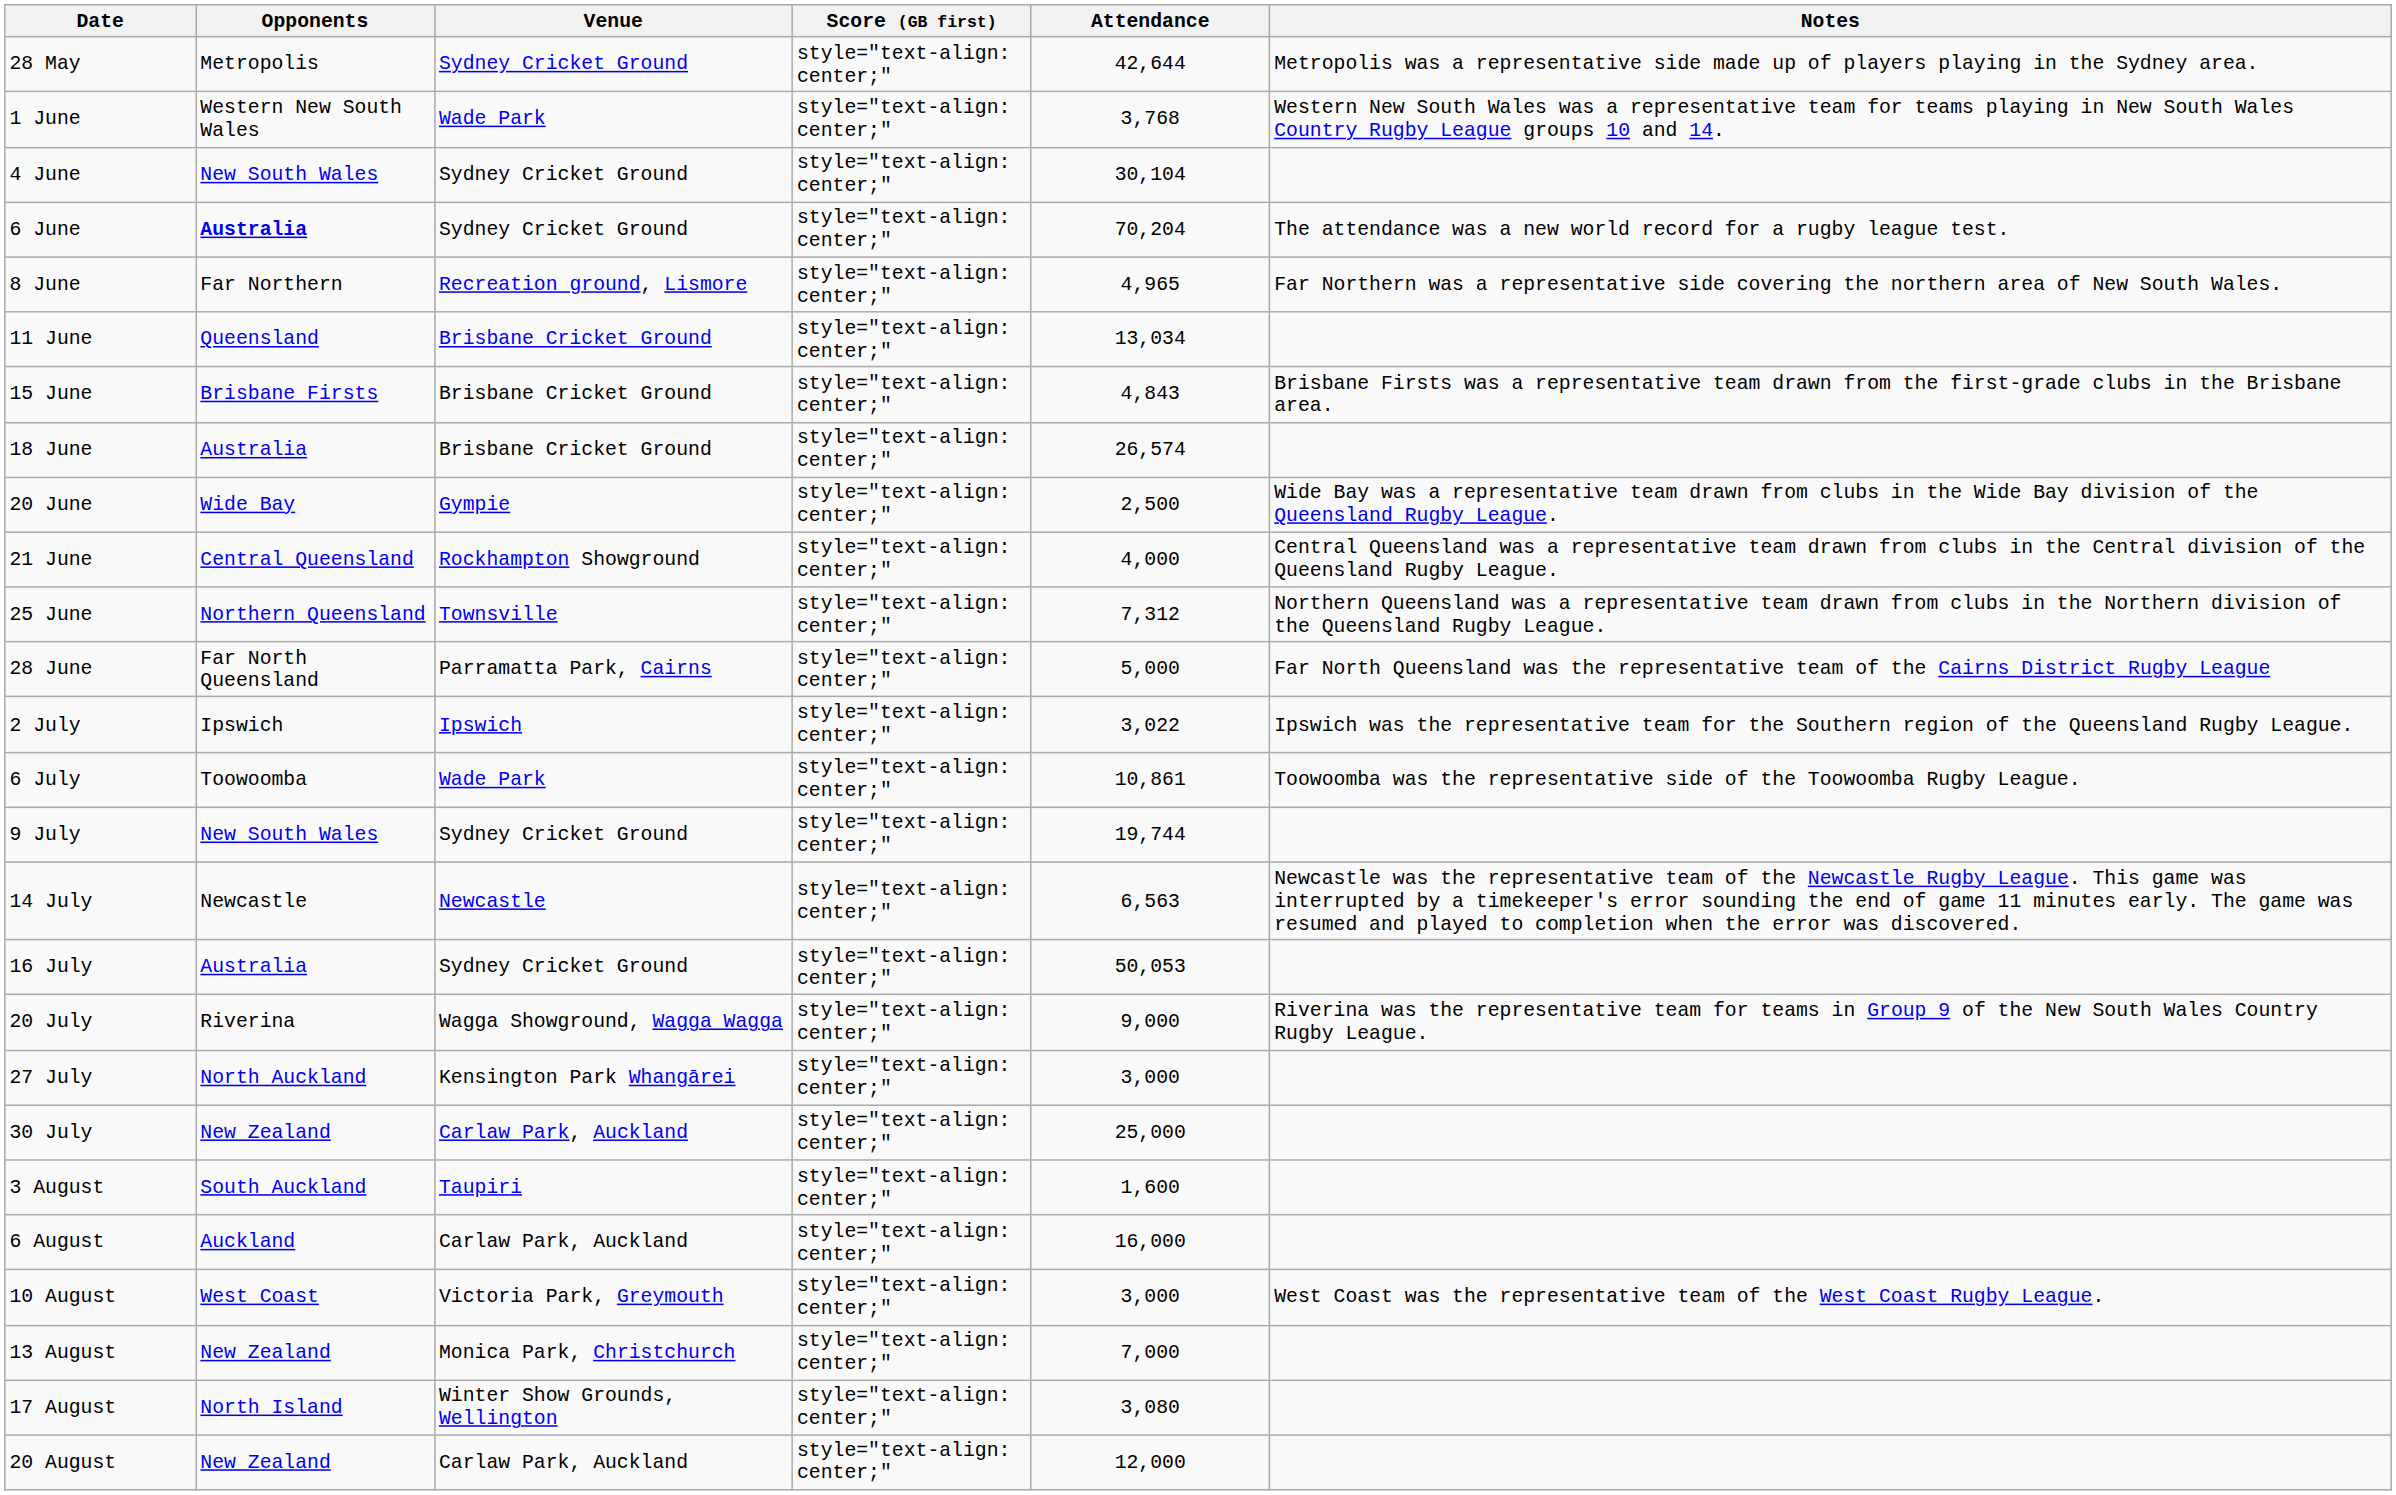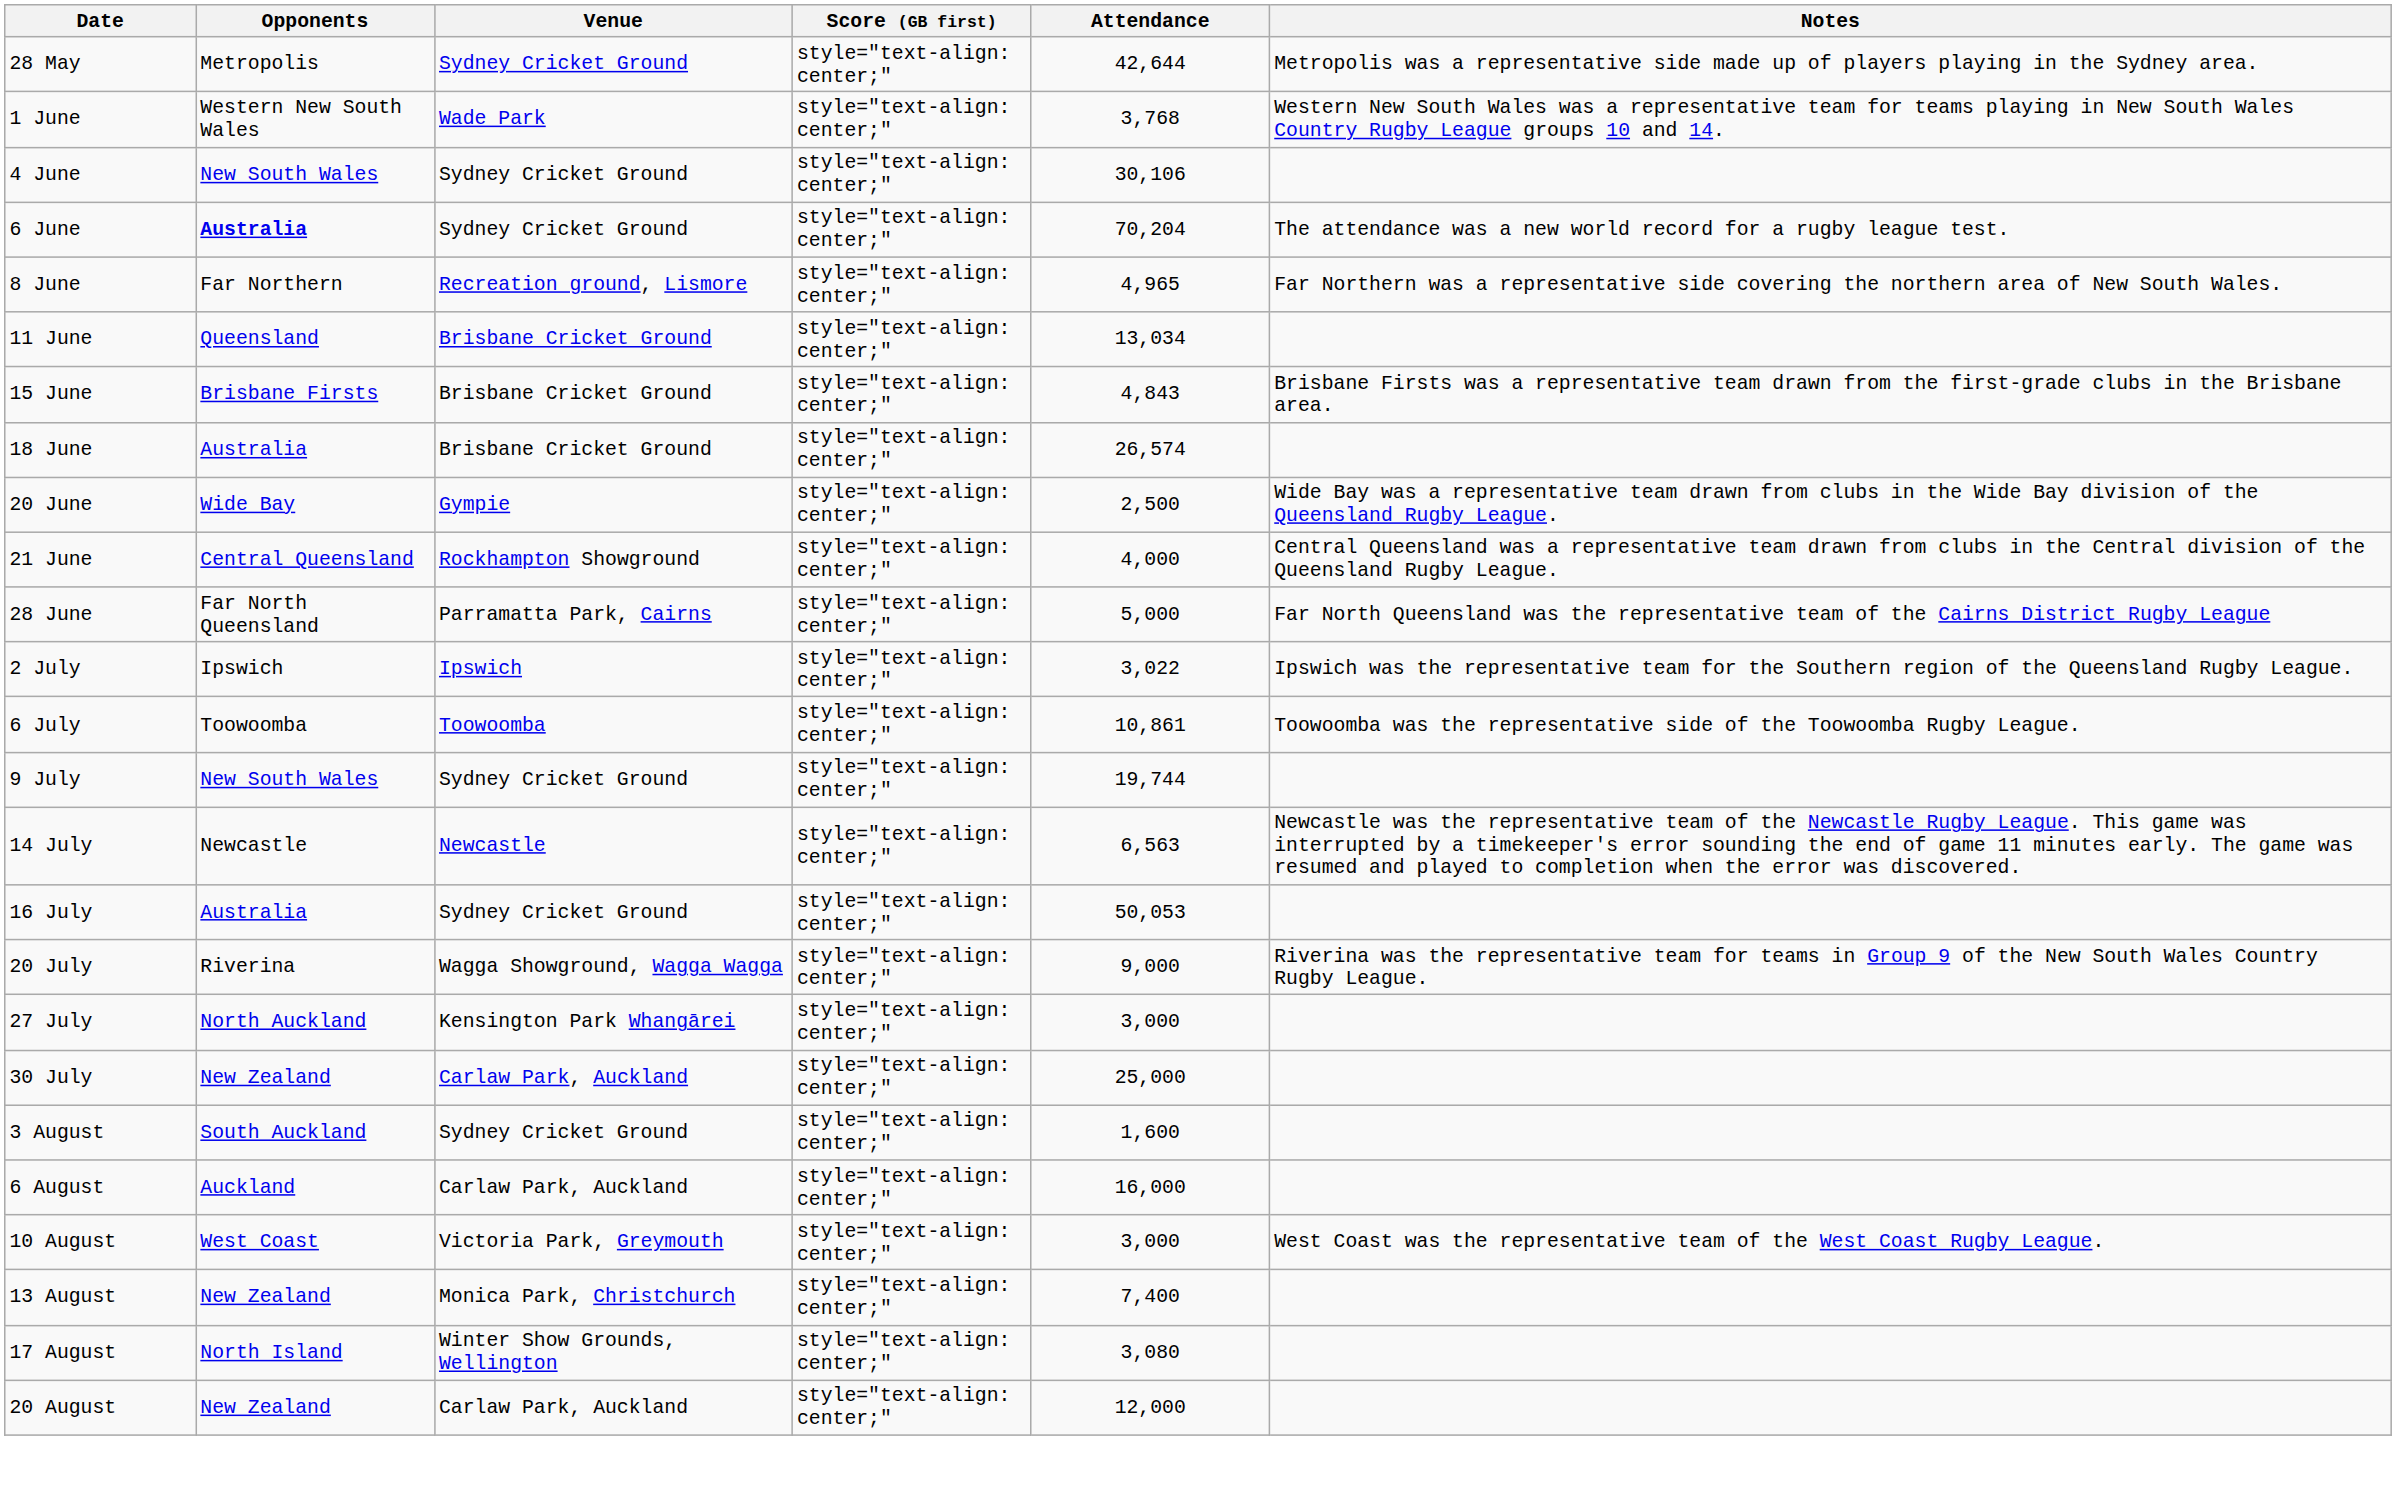 <table class="wikitable">
 <tr>
 <th style="width: 8%;">Date</th>
 <th style="width: 10%;">Opponents</th>
 <th style="width: 15%;">Venue</th>
 <th style="width: 10%;">Score <small>(GB first)</small></th>
 <th style="width: 10%;">Attendance</th>
 <th style="width: 47%;">Notes</th>
 </tr>
 <tr>
 <td>28 May</td>
 <td>Metropolis</td>
 <td><a href='#'>Sydney Cricket Ground</a></td>
 <td>style="text-align: center;"  </td>
 <td style="text-align: center;">42,644</td>
 <td>Metropolis was a representative side made up of players playing in the Sydney area. </td>
 </tr>
 <tr>
 <td>1 June</td>
 <td>Western New South Wales</td>
 <td><a href='#'>Wade Park</a></td>
 <td>style="text-align: center;"  </td>
 <td style="text-align: center;">3,768</td>
 <td>Western New South Wales was a representative team for teams playing in New South Wales <a href='#'>Country Rugby League</a> groups <a href='#'>10</a> and <a href='#'>14</a>.</td>
 </tr>
 <tr>
 <td>4 June</td>
 <td><a href='#'>New South Wales</a></td>
 <td>Sydney Cricket Ground</td>
 <td>style="text-align: center;"  </td>
-<td style="text-align: center;">30,104</td>
+<td style="text-align: center;">30,106</td>
 <td></td>
 </tr>
 <tr>
 <td>6 June</td>
 <td><strong><a href='#'>Australia</a></strong></td>
 <td>Sydney Cricket Ground</td>
 <td>style="text-align: center;"  </td>
 <td style="text-align: center;">70,204</td>
 <td>The attendance was a new world record for a rugby league test.</td>
 </tr>
 <tr>
 <td>8 June</td>
 <td>Far Northern</td>
 <td><a href='#'>Recreation ground</a>, <a href='#'>Lismore</a></td>
 <td>style="text-align: center;"  </td>
 <td style="text-align: center;">4,965</td>
 <td>Far Northern was a representative side covering the northern area of New South Wales.</td>
 </tr>
 <tr>
 <td>11 June</td>
 <td><a href='#'>Queensland</a></td>
 <td><a href='#'>Brisbane Cricket Ground</a></td>
 <td>style="text-align: center;"  </td>
 <td style="text-align: center;">13,034</td>
 <td></td>
 </tr>
 <tr>
 <td>15 June</td>
 <td><a href='#'>Brisbane Firsts</a></td>
 <td>Brisbane Cricket Ground</td>
 <td>style="text-align: center;"  </td>
 <td style="text-align: center;">4,843</td>
 <td>Brisbane Firsts was a representative team drawn from the first-grade clubs in the Brisbane area.</td>
 </tr>
 <tr>
 <td>18 June</td>
 <td><a href='#'>Australia</a></td>
 <td>Brisbane Cricket Ground</td>
 <td>style="text-align: center;"  </td>
 <td style="text-align: center;">26,574</td>
 <td></td>
 </tr>
 <tr>
 <td>20 June</td>
 <td><a href='#'>Wide Bay</a></td>
 <td><a href='#'>Gympie</a></td>
 <td>style="text-align: center;"  </td>
 <td style="text-align: center;">2,500</td>
 <td>Wide Bay was a representative team drawn from clubs in the Wide Bay division of the <a href='#'>Queensland Rugby League</a>.</td>
 </tr>
 <tr>
 <td>21 June</td>
 <td><a href='#'>Central Queensland</a></td>
 <td><a href='#'>Rockhampton</a> Showground</td>
 <td>style="text-align: center;"   </td>
 <td style="text-align: center;">4,000</td>
 <td>Central Queensland was a representative team drawn from clubs in the Central division of the Queensland Rugby League.</td>
 </tr>
 <tr>
-<td>25 June</td>
-<td><a href='#'>Northern Queensland</a></td>
-<td><a href='#'>Townsville</a></td>
-<td>style="text-align: center;"  </td>
-<td style="text-align: center;">7,312</td>
-<td>Northern Queensland was a representative team drawn from clubs in the Northern division of the Queensland Rugby League.</td>
-</tr>
-<tr>
 <td>28 June</td>
 <td>Far North Queensland</td>
 <td>Parramatta Park, <a href='#'>Cairns</a></td>
 <td>style="text-align: center;"  </td>
 <td style="text-align: center;">5,000</td>
 <td>Far North Queensland was the representative team of the <a href='#'>Cairns District Rugby League</a></td>
 </tr>
 <tr>
 <td>2 July</td>
 <td>Ipswich</td>
 <td><a href='#'>Ipswich</a></td>
 <td>style="text-align: center;"  </td>
 <td style="text-align: center;">3,022</td>
 <td>Ipswich was the representative team for the Southern region of the Queensland Rugby League.</td>
 </tr>
 <tr>
 <td>6 July</td>
 <td>Toowoomba</td>
-<td><a href='#'>Wade Park</a></td>
+<td><a href='#'>Toowoomba</a></td>
 <td>style="text-align: center;"  </td>
 <td style="text-align: center;">10,861</td>
 <td>Toowoomba was the representative side of the Toowoomba Rugby League.</td>
 </tr>
 <tr>
 <td>9 July</td>
 <td><a href='#'>New South Wales</a></td>
 <td>Sydney Cricket Ground</td>
 <td>style="text-align: center;"  </td>
 <td style="text-align: center;">19,744</td>
 <td></td>
 </tr>
 <tr>
 <td>14 July</td>
 <td>Newcastle</td>
 <td><a href='#'>Newcastle</a></td>
 <td>style="text-align: center;"  </td>
 <td style="text-align: center;">6,563</td>
 <td>Newcastle was the representative team of the <a href='#'>Newcastle Rugby League</a>.  This game was interrupted by a timekeeper's error sounding the end of game 11 minutes early.  The game was resumed and played to completion when the error was discovered.</td>
 </tr>
 <tr>
 <td>16 July</td>
 <td><a href='#'>Australia</a></td>
 <td>Sydney Cricket Ground</td>
 <td>style="text-align: center;"  </td>
 <td style="text-align: center;">50,053</td>
 <td></td>
 </tr>
 <tr>
 <td>20 July</td>
 <td>Riverina</td>
 <td>Wagga Showground, <a href='#'>Wagga Wagga</a></td>
 <td>style="text-align: center;"  </td>
 <td style="text-align: center;">9,000</td>
 <td>Riverina was the representative team for teams in <a href='#'>Group 9</a> of the New South Wales Country Rugby League.</td>
 </tr>
 <tr>
 <td>27 July</td>
 <td><a href='#'>North Auckland</a></td>
 <td>Kensington Park <a href='#'>Whangārei</a></td>
 <td>style="text-align: center;"  </td>
 <td style="text-align: center;">3,000</td>
 <td></td>
 </tr>
 <tr>
 <td>30 July</td>
 <td><a href='#'>New Zealand</a></td>
 <td><a href='#'>Carlaw Park</a>, <a href='#'>Auckland</a></td>
 <td>style="text-align: center;"  </td>
 <td style="text-align: center;">25,000</td>
 <td></td>
 </tr>
 <tr>
 <td>3 August</td>
 <td><a href='#'>South Auckland</a></td>
-<td><a href='#'>Taupiri</a></td>
+<td>Sydney Cricket Ground</td>
 <td>style="text-align: center;"  </td>
 <td style="text-align: center;">1,600</td>
 <td></td>
 </tr>
 <tr>
 <td>6 August</td>
 <td><a href='#'>Auckland</a></td>
 <td>Carlaw Park, Auckland</td>
 <td>style="text-align: center;"  </td>
 <td style="text-align: center;">16,000</td>
 <td></td>
 </tr>
 <tr>
 <td>10 August</td>
 <td><a href='#'>West Coast</a></td>
 <td>Victoria Park, <a href='#'>Greymouth</a></td>
 <td>style="text-align: center;"  </td>
 <td style="text-align: center;">3,000</td>
 <td>West Coast was the representative team of the <a href='#'>West Coast Rugby League</a>.</td>
 </tr>
 <tr>
 <td>13 August</td>
 <td><a href='#'>New Zealand</a></td>
 <td>Monica Park, <a href='#'>Christchurch</a></td>
 <td>style="text-align: center;"  </td>
-<td style="text-align: center;">7,000</td>
+<td style="text-align: center;">7,400</td>
 <td></td>
 </tr>
 <tr>
 <td>17 August</td>
 <td><a href='#'>North Island</a></td>
 <td>Winter Show Grounds, <a href='#'>Wellington</a></td>
 <td>style="text-align: center;"  </td>
 <td style="text-align: center;">3,080</td>
 <td></td>
 </tr>
 <tr>
 <td>20 August</td>
 <td><a href='#'>New Zealand</a></td>
 <td>Carlaw Park, Auckland</td>
 <td>style="text-align: center;"  </td>
 <td style="text-align: center;">12,000</td>
 <td></td>
 </tr>
 </table>
